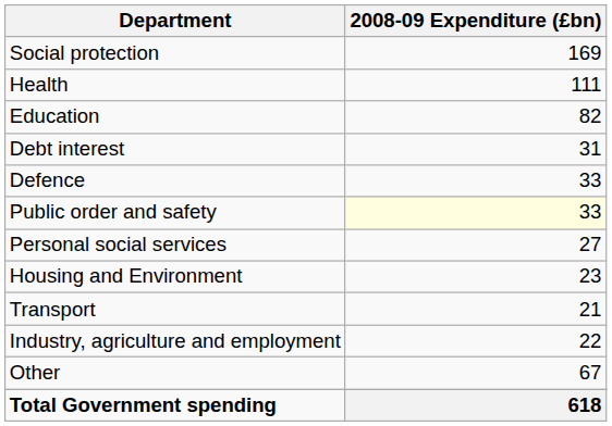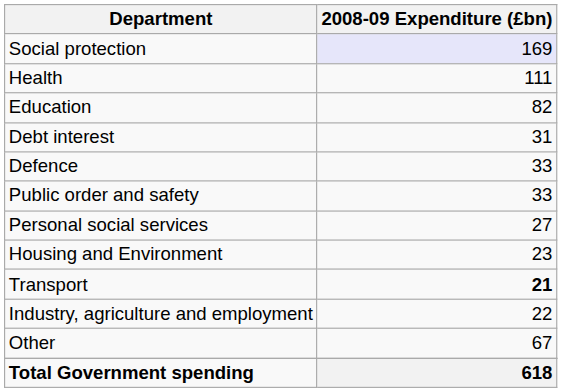 <table class="wikitable sortable">
 <tr>
 <th>Department</th>
 <th style="text-align: right">2008-09 Expenditure (£bn)</th>
 </tr>
 <tr>
 <td>Social protection</td>
-<td style="text-align: right">169</td>
+<td style="background: lavender; text-align: right">169</td>
 </tr>
 <tr>
 <td>Health</td>
 <td style="text-align: right">111</td>
 </tr>
 <tr>
 <td>Education</td>
 <td style="text-align: right">82</td>
 </tr>
 <tr>
 <td>Debt interest</td>
 <td style="text-align: right">31</td>
 </tr>
 <tr>
 <td>Defence</td>
 <td style="text-align: right">33</td>
 </tr>
 <tr>
 <td>Public order and safety</td>
-<td style="background: lightyellow; text-align: right">33</td>
+<td style="text-align: right">33</td>
 </tr>
 <tr>
 <td>Personal social services</td>
 <td style="text-align: right">27</td>
 </tr>
 <tr>
 <td>Housing and Environment</td>
 <td style="text-align: right">23</td>
 </tr>
 <tr>
 <td>Transport</td>
-<td style="text-align: right">21</td>
+<td style="text-align: right"><strong>21</strong></td>
 </tr>
 <tr>
 <td>Industry, agriculture and employment</td>
 <td style="text-align: right">22</td>
 </tr>
 <tr>
 <td>Other</td>
 <td style="text-align: right">67</td>
 </tr>
 <tr>
 </tr>
 <tr class="sortbottom">
 <td style="text-align: left"><strong>Total Government spending</strong></td>
 <th style="text-align: right">618</th>
 </tr>
 </table>
